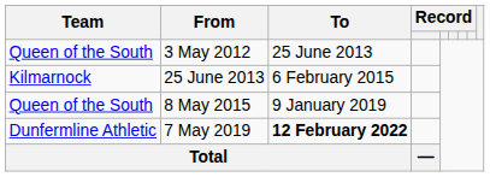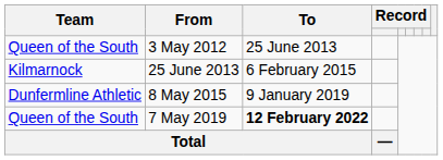 <table class="wikitable" style="text-align: center">
 <tr>
 <th rowspan="2">Team</th>
 <th rowspan="2">From</th>
 <th rowspan="2">To</th>
 <th colspan=5>Record</th>
 <th rowspan="2"></th>
 </tr>
 <tr>
 <th></th>
 <th></th>
 <th></th>
 <th></th>
 <th></th>
 </tr>
 <tr>
 <td align=left><a href='#'>Queen of the South</a></td>
 <td align=left>3 May 2012</td>
 <td align=left>25 June 2013<br></td>
 <td></td>
 </tr>
 <tr>
 <td align=left><a href='#'>Kilmarnock</a></td>
 <td align=left>25 June 2013</td>
 <td align=left>6 February 2015<br></td>
 <td></td>
 </tr>
 <tr>
-<td align=left><a href='#'>Queen of the South</a></td>
+<td align=left><a href='#'>Dunfermline Athletic</a></td>
 <td align=left>8 May 2015</td>
 <td align=left>9 January 2019<br></td>
 <td></td>
 </tr>
 <tr>
-<td align=left><a href='#'>Dunfermline Athletic</a></td>
+<td align=left><a href='#'>Queen of the South</a></td>
 <td align=left>7 May 2019</td>
 <td align=left><strong>12 February 2022<br></strong></td>
 <td></td>
 </tr>
 <tr>
 <th colspan=3>Total<br></th>
 <th>—</th>
 </tr>
 </table>
